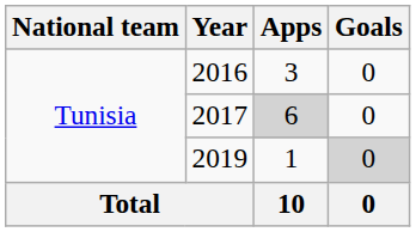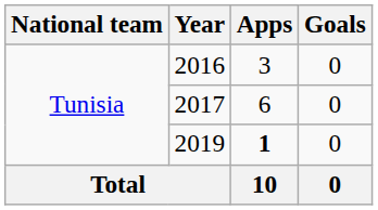 <table class="wikitable" style="text-align:center">
 <tr>
 <th>National team</th>
 <th>Year</th>
 <th>Apps</th>
 <th>Goals</th>
 </tr>
 <tr>
 <td rowspan="3"><a href='#'>Tunisia</a></td>
 <td>2016</td>
 <td>3</td>
 <td>0</td>
 </tr>
 <tr>
 <td>2017</td>
-<td style="background: lightgrey;">6</td>
+<td>6</td>
 <td>0</td>
 </tr>
 <tr>
 <td>2019</td>
-<td>1</td>
-<td style="background: lightgrey;">0</td>
+<td><strong>1</strong></td>
+<td>0</td>
 </tr>
 <tr>
 <th colspan="2">Total</th>
 <th>10</th>
 <th>0</th>
 </tr>
 </table>
